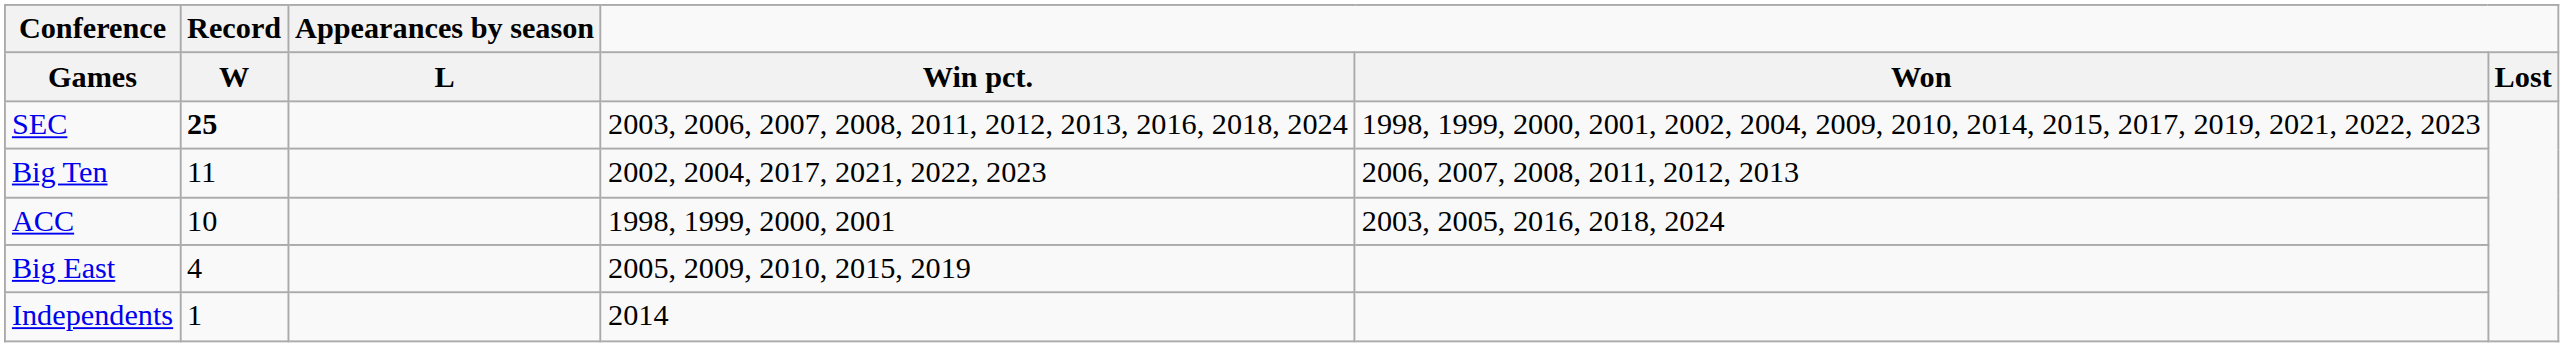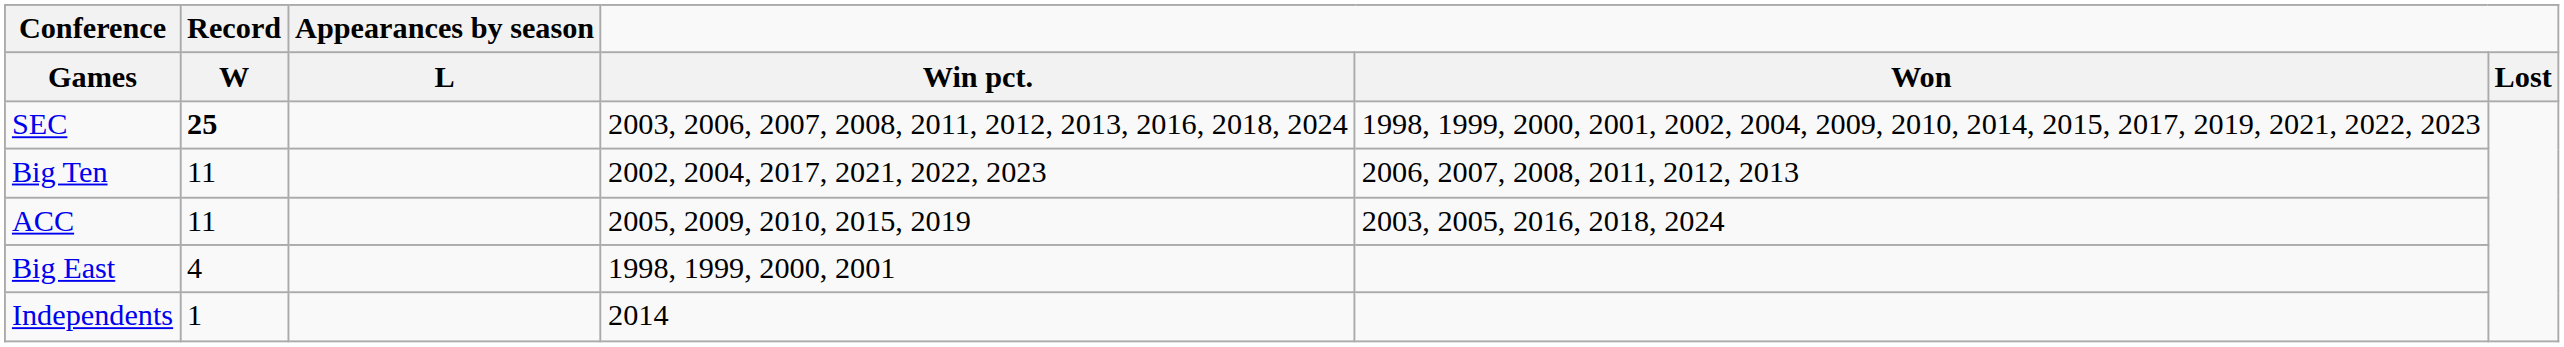 <table class="wikitable sortable">
 <tr>
 <th>Conference</th>
 <th>Record</th>
 <th>Appearances by season</th>
 </tr>
 <tr>
 <th>Games</th>
 <th>W</th>
 <th>L</th>
 <th>Win pct.</th>
 <th>Won</th>
 <th>Lost</th>
 </tr>
 <tr>
 <td><a href='#'>SEC</a></td>
 <td><strong>25</strong></td>
 <td></td>
 <td>2003, 2006, 2007, 2008, 2011, 2012, 2013, 2016, 2018, 2024</td>
 <td>1998, 1999, 2000, 2001, 2002, 2004, 2009, 2010, 2014, 2015, 2017, 2019, 2021, 2022, 2023</td>
 </tr>
 <tr>
 <td><a href='#'>Big Ten</a></td>
 <td>11</td>
 <td></td>
 <td>2002, 2004, 2017, 2021, 2022, 2023</td>
 <td>2006, 2007, 2008, 2011, 2012, 2013</td>
 </tr>
 <tr>
 <td><a href='#'>ACC</a></td>
-<td>10</td>
+<td>11</td>
 <td></td>
-<td>1998, 1999, 2000, 2001</td>
+<td>2005, 2009, 2010, 2015, 2019</td>
 <td>2003, 2005, 2016, 2018, 2024</td>
 </tr>
 <tr>
 <td><a href='#'>Big East</a></td>
 <td>4</td>
 <td></td>
-<td>2005, 2009, 2010, 2015, 2019</td>
+<td>1998, 1999, 2000, 2001</td>
 <td></td>
 </tr>
 <tr>
 <td><a href='#'>Independents</a></td>
 <td>1</td>
 <td></td>
 <td>2014</td>
 <td></td>
 </tr>
 </table>
